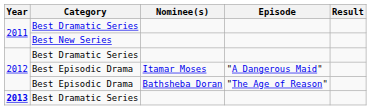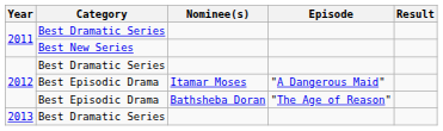 <table class="wikitable">
 <tr>
 <th>Year</th>
 <th>Category</th>
 <th>Nominee(s)</th>
 <th>Episode</th>
 <th>Result</th>
 </tr>
 <tr>
 <td rowspan=2><a href='#'>2011</a></td>
 <td><a href='#'>Best Dramatic Series</a></td>
 <td></td>
 <td></td>
 <td></td>
 </tr>
 <tr>
 <td><a href='#'>Best New Series</a></td>
 <td></td>
 <td></td>
 <td></td>
 </tr>
 <tr>
 <td rowspan="3"><a href='#'>2012</a></td>
 <td>Best Dramatic Series</td>
 <td></td>
 <td></td>
 <td></td>
 </tr>
 <tr>
 <td>Best Episodic Drama</td>
 <td><a href='#'>Itamar Moses</a></td>
 <td>"<a href='#'>A Dangerous Maid</a>"</td>
 <td></td>
 </tr>
 <tr>
 <td>Best Episodic Drama</td>
 <td><a href='#'>Bathsheba Doran</a></td>
 <td>"<a href='#'>The Age of Reason</a>"</td>
 <td></td>
 </tr>
 <tr>
-<td><strong><a href='#'>2013</a></strong></td>
+<td><a href='#'>2013</a></td>
 <td>Best Dramatic Series</td>
 <td></td>
 <td></td>
 <td></td>
 </tr>
 </table>
